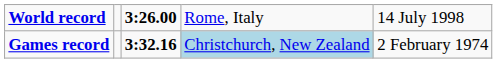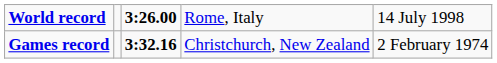 <table class="wikitable">
 <tr>
 <td><a href='#'><strong>World record</strong></a></td>
 <td></td>
 <td><strong>3:26.00</strong></td>
 <td><a href='#'>Rome</a>, Italy</td>
 <td>14 July 1998</td>
 </tr>
 <tr>
 <td><a href='#'><strong>Games record</strong></a></td>
 <td></td>
 <td><strong>3:32.16</strong></td>
-<td style="background: lightblue;"><a href='#'>Christchurch</a>, <a href='#'>New Zealand</a></td>
+<td><a href='#'>Christchurch</a>, <a href='#'>New Zealand</a></td>
 <td>2 February 1974</td>
 </tr>
 </table>
